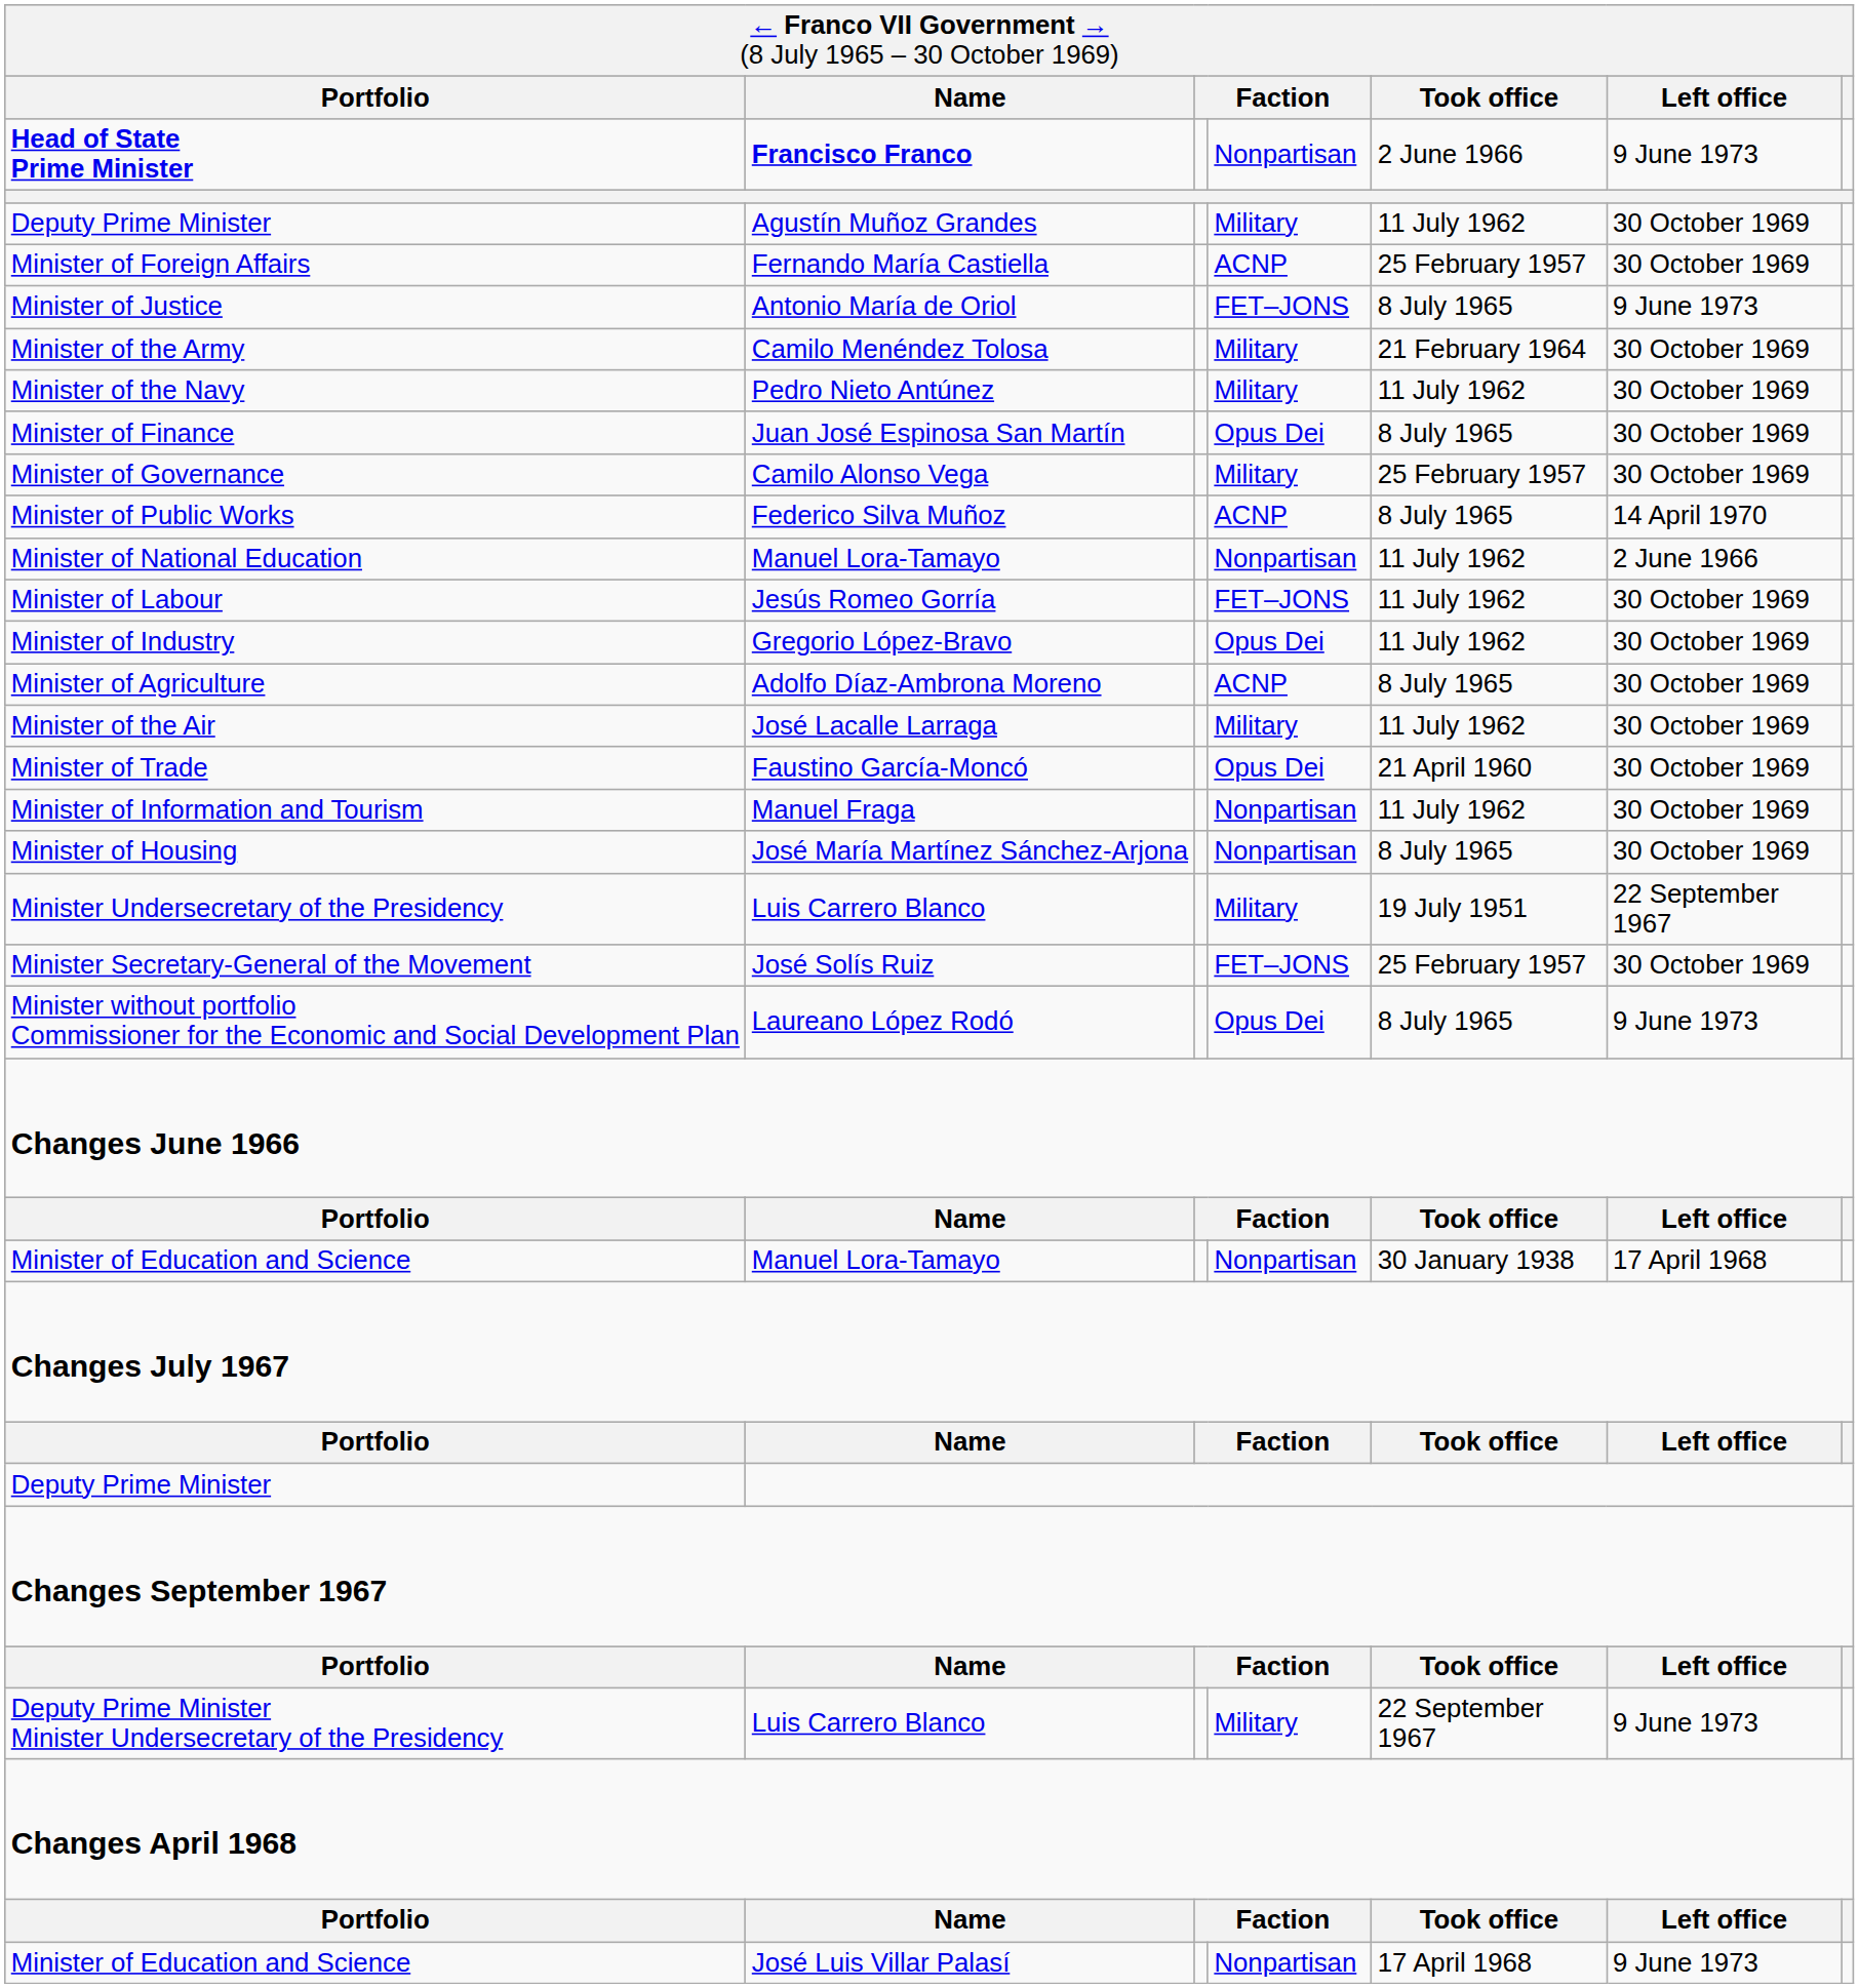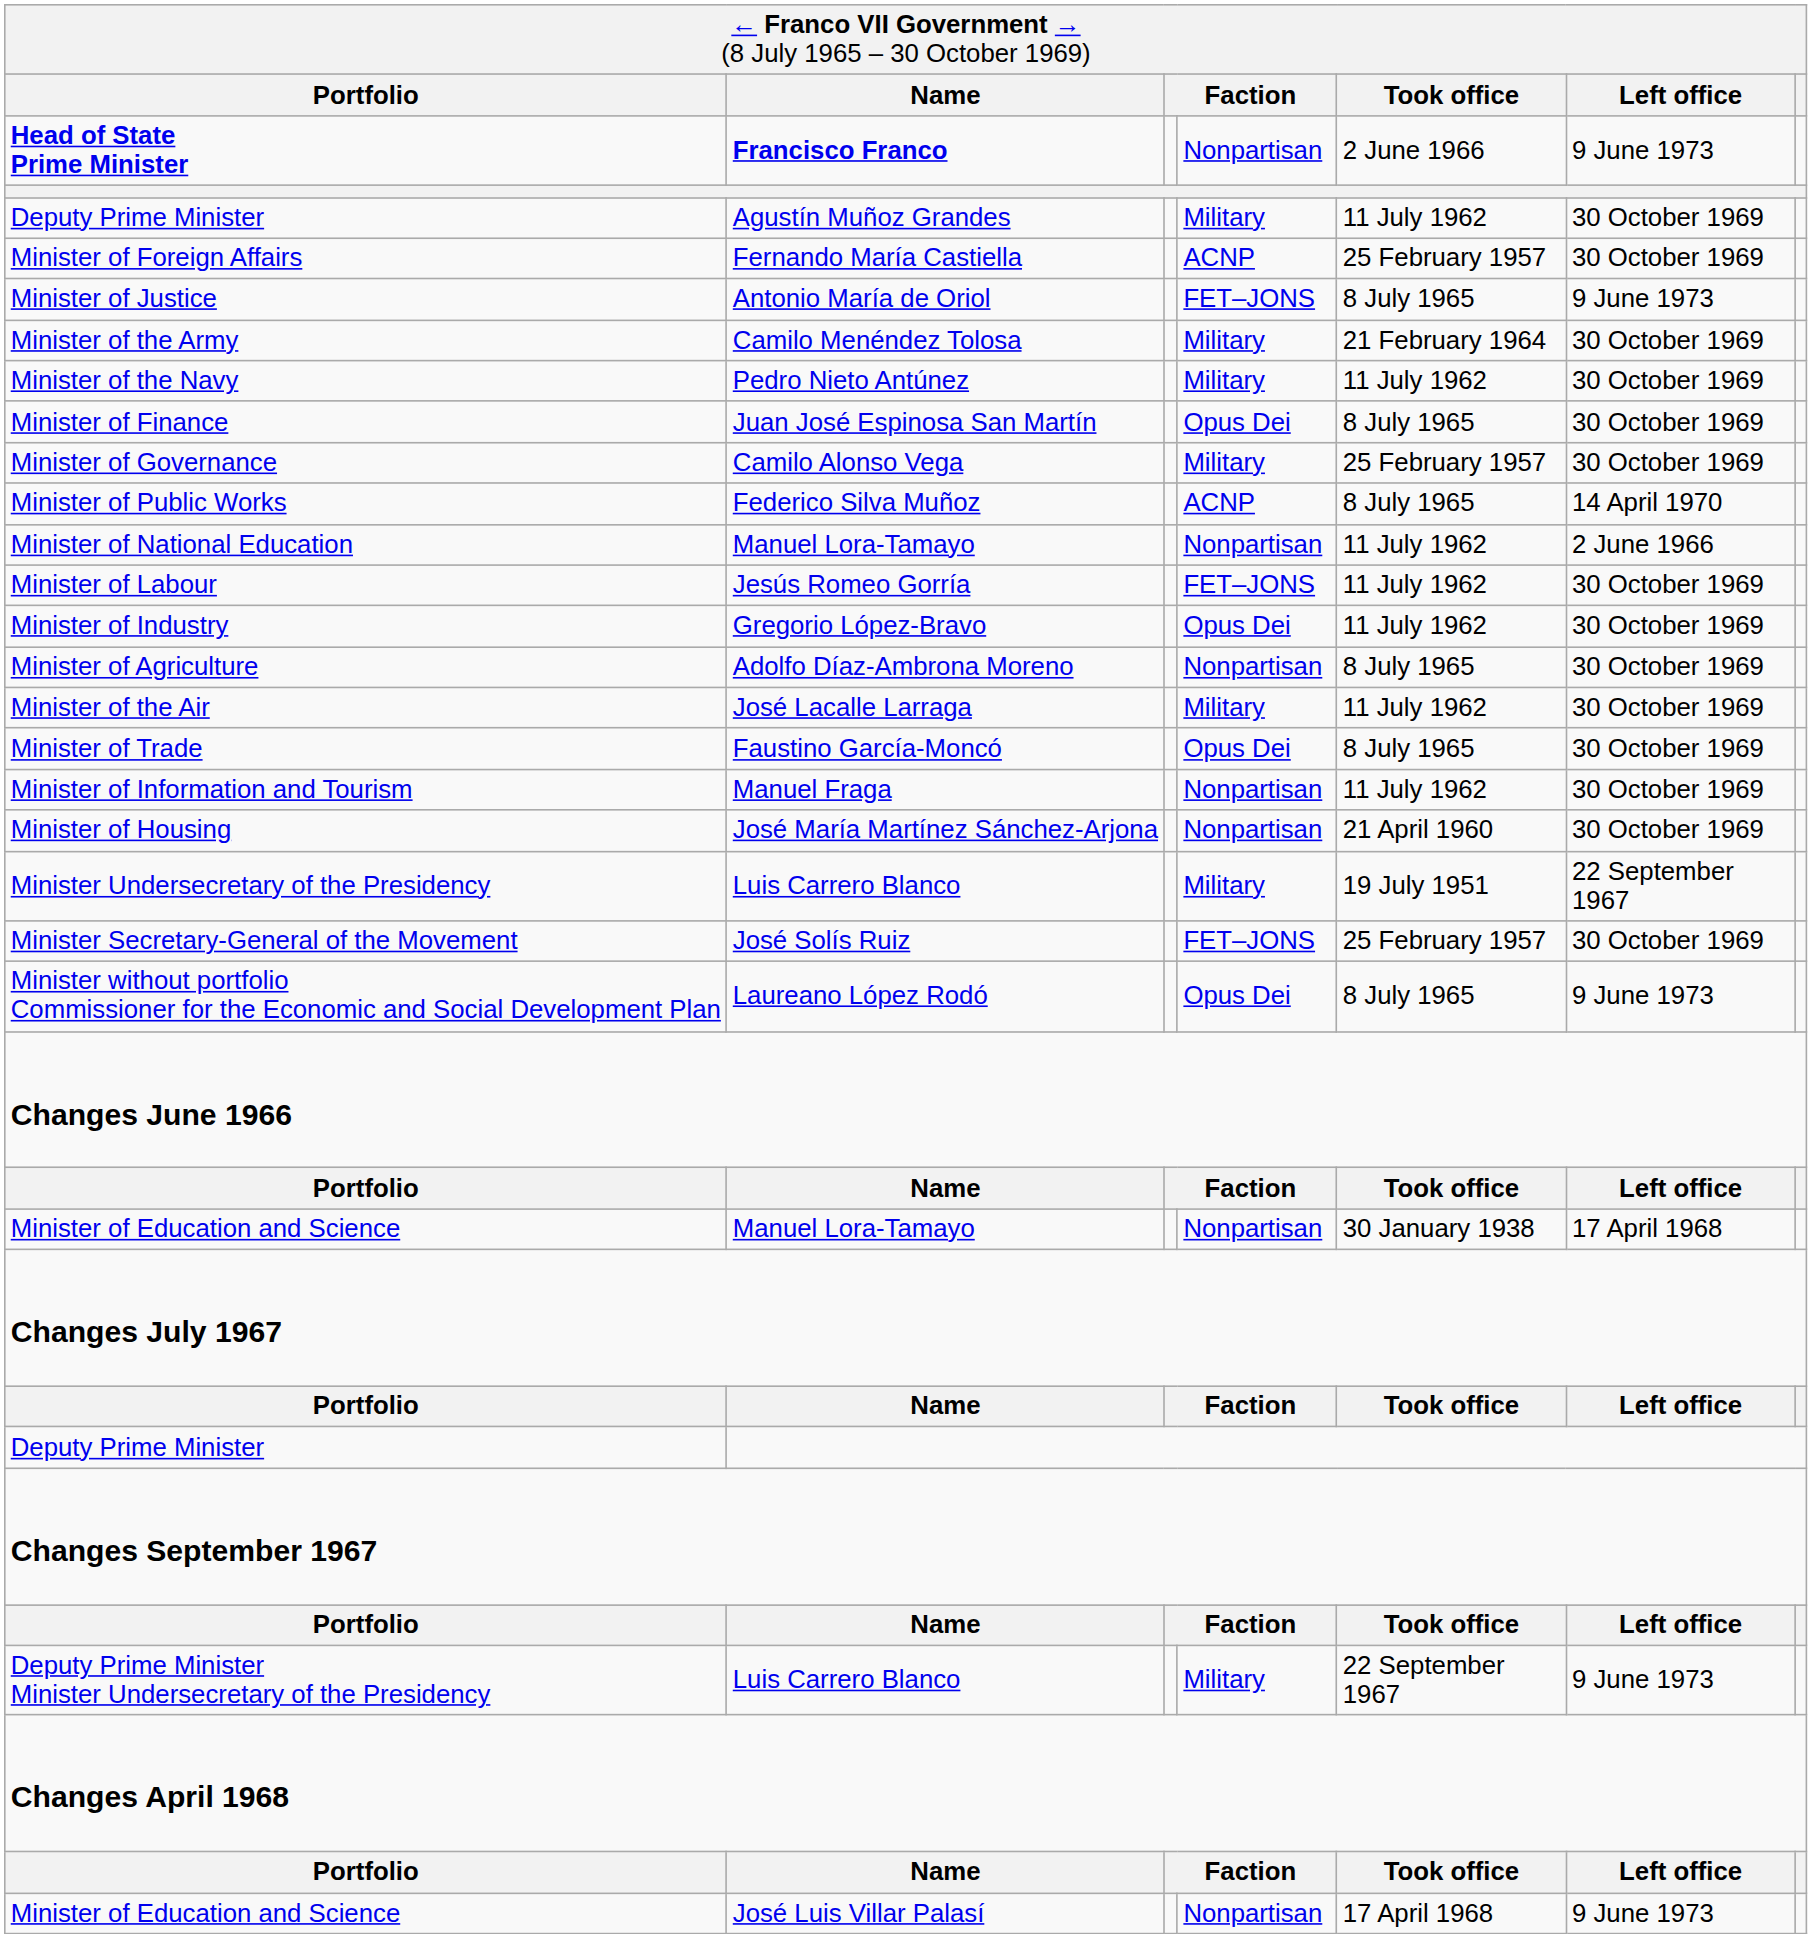 <table class="wikitable">
 <tr>
 <td colspan="7" bgcolor="#F2F2F2" align="center"><a href='#'>←</a> <strong>Franco VII Government</strong> <a href='#'>→</a><br>(8 July 1965 – 30 October 1969)</td>
 </tr>
 <tr>
 <th>Portfolio</th>
 <th>Name</th>
 <th width="100px" colspan="2">Faction</th>
 <th width="135px">Took office</th>
 <th width="135px">Left office</th>
 <th></th>
 </tr>
 <tr>
 <td><strong><a href='#'>Head of State</a><br><a href='#'>Prime Minister</a></strong></td>
 <td><strong><a href='#'>Francisco Franco</a></strong></td>
 <td width="1" style="background-color:"></td>
 <td><a href='#'>Nonpartisan</a></td>
 <td>2 June 1966</td>
 <td>9 June 1973</td>
 <td align="center"><br></td>
 </tr>
 <tr>
 <th colspan="7"></th>
 </tr>
 <tr>
 <td><a href='#'>Deputy Prime Minister</a></td>
 <td><a href='#'>Agustín Muñoz Grandes</a></td>
 <td style="background-color:"></td>
 <td><a href='#'>Military</a></td>
 <td>11 July 1962</td>
 <td>30 October 1969</td>
 <td align="center"></td>
 </tr>
 <tr>
 <td><a href='#'>Minister of Foreign Affairs</a></td>
 <td><a href='#'>Fernando María Castiella</a></td>
 <td style="background-color:"></td>
 <td><a href='#'>ACNP</a></td>
 <td>25 February 1957</td>
 <td>30 October 1969</td>
 <td align="center"></td>
 </tr>
 <tr>
 <td><a href='#'>Minister of Justice</a></td>
 <td><a href='#'>Antonio María de Oriol</a></td>
 <td style="background-color:"></td>
 <td><a href='#'>FET–JONS</a></td>
 <td>8 July 1965</td>
 <td>9 June 1973</td>
 <td align="center"></td>
 </tr>
 <tr>
 <td><a href='#'>Minister of the Army</a></td>
 <td><a href='#'>Camilo Menéndez Tolosa</a></td>
 <td style="background-color:"></td>
 <td><a href='#'>Military</a></td>
 <td>21 February 1964</td>
 <td>30 October 1969</td>
 <td align="center"></td>
 </tr>
 <tr>
 <td><a href='#'>Minister of the Navy</a></td>
 <td><a href='#'>Pedro Nieto Antúnez</a></td>
 <td style="background-color:"></td>
 <td><a href='#'>Military</a></td>
 <td>11 July 1962</td>
 <td>30 October 1969</td>
 <td align="center"></td>
 </tr>
 <tr>
 <td><a href='#'>Minister of Finance</a></td>
 <td><a href='#'>Juan José Espinosa San Martín</a></td>
 <td style="background-color:"></td>
 <td><a href='#'>Opus Dei</a></td>
 <td>8 July 1965</td>
 <td>30 October 1969</td>
 <td align="center"></td>
 </tr>
 <tr>
 <td><a href='#'>Minister of Governance</a></td>
 <td><a href='#'>Camilo Alonso Vega</a></td>
 <td style="background-color:"></td>
 <td><a href='#'>Military</a></td>
 <td>25 February 1957</td>
 <td>30 October 1969</td>
 <td align="center"></td>
 </tr>
 <tr>
 <td><a href='#'>Minister of Public Works</a></td>
 <td><a href='#'>Federico Silva Muñoz</a></td>
 <td style="background-color:"></td>
 <td><a href='#'>ACNP</a></td>
 <td>8 July 1965</td>
 <td>14 April 1970</td>
 <td align="center"></td>
 </tr>
 <tr>
 <td><a href='#'>Minister of National Education</a></td>
 <td><a href='#'>Manuel Lora-Tamayo</a></td>
 <td style="background-color:"></td>
 <td><a href='#'>Nonpartisan</a></td>
 <td>11 July 1962</td>
 <td>2 June 1966</td>
 <td align="center"></td>
 </tr>
 <tr>
 <td><a href='#'>Minister of Labour</a></td>
 <td><a href='#'>Jesús Romeo Gorría</a></td>
 <td style="background-color:"></td>
 <td><a href='#'>FET–JONS</a></td>
 <td>11 July 1962</td>
 <td>30 October 1969</td>
 <td align="center"></td>
 </tr>
 <tr>
 <td><a href='#'>Minister of Industry</a></td>
 <td><a href='#'>Gregorio López-Bravo</a></td>
 <td style="background-color:"></td>
 <td><a href='#'>Opus Dei</a></td>
 <td>11 July 1962</td>
 <td>30 October 1969</td>
 <td align="center"></td>
 </tr>
 <tr>
 <td><a href='#'>Minister of Agriculture</a></td>
 <td><a href='#'>Adolfo Díaz-Ambrona Moreno</a></td>
 <td style="background-color:"></td>
-<td><a href='#'>ACNP</a></td>
+<td><a href='#'>Nonpartisan</a></td>
 <td>8 July 1965</td>
 <td>30 October 1969</td>
 <td align="center"></td>
 </tr>
 <tr>
 <td><a href='#'>Minister of the Air</a></td>
 <td><a href='#'>José Lacalle Larraga</a></td>
 <td style="background-color:"></td>
 <td><a href='#'>Military</a></td>
 <td>11 July 1962</td>
 <td>30 October 1969</td>
 <td align="center"></td>
 </tr>
 <tr>
 <td><a href='#'>Minister of Trade</a></td>
 <td><a href='#'>Faustino García-Moncó</a></td>
 <td style="background-color:"></td>
 <td><a href='#'>Opus Dei</a></td>
-<td>21 April 1960</td>
+<td>8 July 1965</td>
 <td>30 October 1969</td>
 <td align="center"></td>
 </tr>
 <tr>
 <td><a href='#'>Minister of Information and Tourism</a></td>
 <td><a href='#'>Manuel Fraga</a></td>
 <td style="background-color:"></td>
 <td><a href='#'>Nonpartisan</a></td>
 <td>11 July 1962</td>
 <td>30 October 1969</td>
 <td align="center"></td>
 </tr>
 <tr>
 <td><a href='#'>Minister of Housing</a></td>
 <td><a href='#'>José María Martínez Sánchez-Arjona</a></td>
 <td style="background-color:"></td>
 <td><a href='#'>Nonpartisan</a></td>
-<td>8 July 1965</td>
+<td>21 April 1960</td>
 <td>30 October 1969</td>
 <td align="center"></td>
 </tr>
 <tr>
 <td><a href='#'>Minister Undersecretary of the Presidency</a></td>
 <td><a href='#'>Luis Carrero Blanco</a></td>
 <td style="background-color:"></td>
 <td><a href='#'>Military</a></td>
 <td>19 July 1951</td>
 <td>22 September 1967</td>
 <td align="center"></td>
 </tr>
 <tr>
 <td><a href='#'>Minister Secretary-General of the Movement</a></td>
 <td><a href='#'>José Solís Ruiz</a></td>
 <td style="background-color:"></td>
 <td><a href='#'>FET–JONS</a></td>
 <td>25 February 1957</td>
 <td>30 October 1969</td>
 <td align="center"></td>
 </tr>
 <tr>
 <td><a href='#'>Minister without portfolio</a><br><a href='#'>Commissioner for the Economic and Social Development Plan</a></td>
 <td><a href='#'>Laureano López Rodó</a></td>
 <td style="background-color:"></td>
 <td><a href='#'>Opus Dei</a></td>
 <td>8 July 1965</td>
 <td>9 June 1973</td>
 <td align="center"></td>
 </tr>
 <tr>
 <td colspan="7"><br><h3>Changes June 1966</h3></td>
 </tr>
 <tr>
 <th>Portfolio</th>
 <th>Name</th>
 <th colspan="2">Faction</th>
 <th>Took office</th>
 <th>Left office</th>
 <th></th>
 </tr>
 <tr>
 <td><a href='#'>Minister of Education and Science</a></td>
 <td><a href='#'>Manuel Lora-Tamayo</a></td>
 <td style="background-color:"></td>
 <td><a href='#'>Nonpartisan</a></td>
 <td>30 January 1938</td>
 <td>17 April 1968</td>
 <td align="center"></td>
 </tr>
 <tr>
 <td colspan="7"><br><h3>Changes July 1967</h3></td>
 </tr>
 <tr>
 <th>Portfolio</th>
 <th>Name</th>
 <th colspan="2">Faction</th>
 <th>Took office</th>
 <th>Left office</th>
 <th></th>
 </tr>
 <tr>
 <td><a href='#'>Deputy Prime Minister</a></td>
 <td colspan="6"></td>
 </tr>
 <tr>
 <td colspan="7"><br><h3>Changes September 1967</h3></td>
 </tr>
 <tr>
 <th>Portfolio</th>
 <th>Name</th>
 <th colspan="2">Faction</th>
 <th>Took office</th>
 <th>Left office</th>
 <th></th>
 </tr>
 <tr>
 <td><a href='#'>Deputy Prime Minister</a><br><a href='#'>Minister Undersecretary of the Presidency</a></td>
 <td><a href='#'>Luis Carrero Blanco</a></td>
 <td style="background-color:"></td>
 <td><a href='#'>Military</a></td>
 <td>22 September 1967</td>
 <td>9 June 1973</td>
 <td align="center"></td>
 </tr>
 <tr>
 <td colspan="7"><br><h3>Changes April 1968</h3></td>
 </tr>
 <tr>
 <th>Portfolio</th>
 <th>Name</th>
 <th colspan="2">Faction</th>
 <th>Took office</th>
 <th>Left office</th>
 <th></th>
 </tr>
 <tr>
 <td><a href='#'>Minister of Education and Science</a></td>
 <td><a href='#'>José Luis Villar Palasí</a></td>
 <td style="background-color:"></td>
 <td><a href='#'>Nonpartisan</a></td>
 <td>17 April 1968</td>
 <td>9 June 1973</td>
 <td align="center"></td>
 </tr>
 </table>
